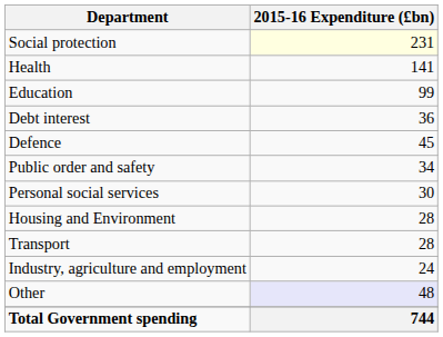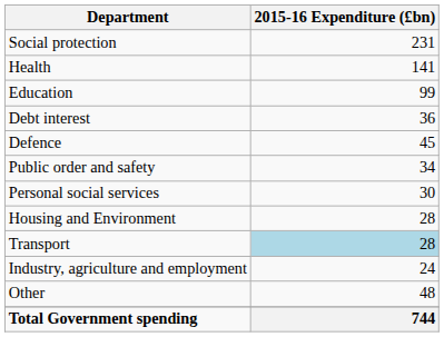 <table class="wikitable sortable">
 <tr>
 <th>Department</th>
 <th style="text-align: right">2015-16 Expenditure (£bn)</th>
 </tr>
 <tr>
 <td>Social protection</td>
-<td style="background: lightyellow; text-align: right">231</td>
+<td style="text-align: right">231</td>
 </tr>
 <tr>
 <td>Health</td>
 <td style="text-align: right">141</td>
 </tr>
 <tr>
 <td>Education</td>
 <td style="text-align: right">99</td>
 </tr>
 <tr>
 <td>Debt interest</td>
 <td style="text-align: right">36</td>
 </tr>
 <tr>
 <td>Defence</td>
 <td style="text-align: right">45</td>
 </tr>
 <tr>
 <td>Public order and safety</td>
 <td style="text-align: right">34</td>
 </tr>
 <tr>
 <td>Personal social services</td>
 <td style="text-align: right">30</td>
 </tr>
 <tr>
 <td>Housing and Environment</td>
 <td style="text-align: right">28</td>
 </tr>
 <tr>
 <td>Transport</td>
-<td style="text-align: right">28</td>
+<td style="background: lightblue; text-align: right">28</td>
 </tr>
 <tr>
 <td>Industry, agriculture and employment</td>
 <td style="text-align: right">24</td>
 </tr>
 <tr>
 <td>Other</td>
-<td style="background: lavender; text-align: right">48</td>
+<td style="text-align: right">48</td>
 </tr>
 <tr>
 </tr>
 <tr class="sortbottom">
 <td style="text-align: left"><strong>Total Government spending</strong></td>
 <th style="text-align: right">744</th>
 </tr>
 </table>
